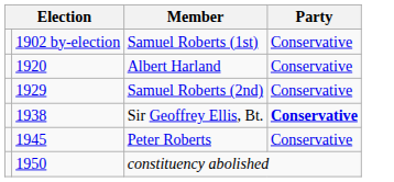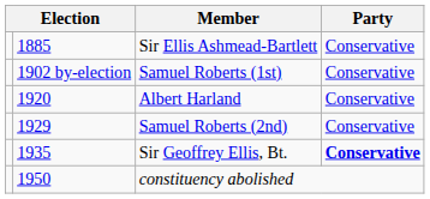 <table class="wikitable">
 <tr>
 <th colspan="2">Election</th>
 <th>Member</th>
 <th>Party</th>
+</tr>
+<tr>
+<td style="color:inherit;background-color: "></td>
+<td><a href='#'>1885</a></td>
+<td>Sir <a href='#'>Ellis Ashmead-Bartlett</a></td>
+<td><a href='#'>Conservative</a></td>
 </tr>
 <tr>
 <td style="color:inherit;background-color: "></td>
 <td><a href='#'>1902 by-election</a></td>
 <td><a href='#'>Samuel Roberts (1st)</a></td>
 <td><a href='#'>Conservative</a></td>
 </tr>
 <tr>
 <td style="color:inherit;background-color: "></td>
 <td><a href='#'>1920</a></td>
 <td><a href='#'>Albert Harland</a></td>
 <td><a href='#'>Conservative</a></td>
 </tr>
 <tr>
 <td style="color:inherit;background-color: "></td>
 <td><a href='#'>1929</a></td>
 <td><a href='#'>Samuel Roberts (2nd)</a></td>
 <td><a href='#'>Conservative</a></td>
 </tr>
 <tr>
 <td style="color:inherit;background-color: "></td>
-<td><a href='#'>1938</a></td>
+<td><a href='#'>1935</a></td>
 <td>Sir <a href='#'>Geoffrey Ellis</a>, Bt.</td>
 <td><strong><a href='#'>Conservative</a></strong></td>
-</tr>
-<tr>
-<td style="color:inherit;background-color: "></td>
-<td><a href='#'>1945</a></td>
-<td><a href='#'>Peter Roberts</a></td>
-<td><a href='#'>Conservative</a></td>
 </tr>
 <tr>
 <td></td>
 <td><a href='#'>1950</a></td>
 <td colspan="2"><em>constituency abolished</em></td>
 </tr>
 </table>
